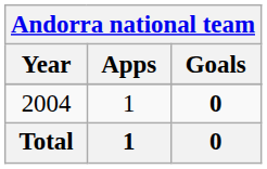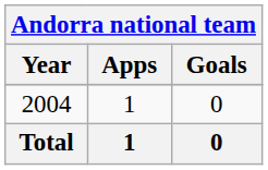 <table class="wikitable" style="text-align:center">
 <tr>
 <th colspan=3><a href='#'>Andorra national team</a></th>
 </tr>
 <tr>
 <th>Year</th>
 <th>Apps</th>
 <th>Goals</th>
 </tr>
 <tr>
 </tr>
 <tr>
 <td>2004</td>
 <td>1</td>
-<td><strong>0</strong></td>
+<td>0</td>
 </tr>
 <tr>
 <th>Total</th>
 <th>1</th>
 <th>0</th>
 </tr>
 </table>
